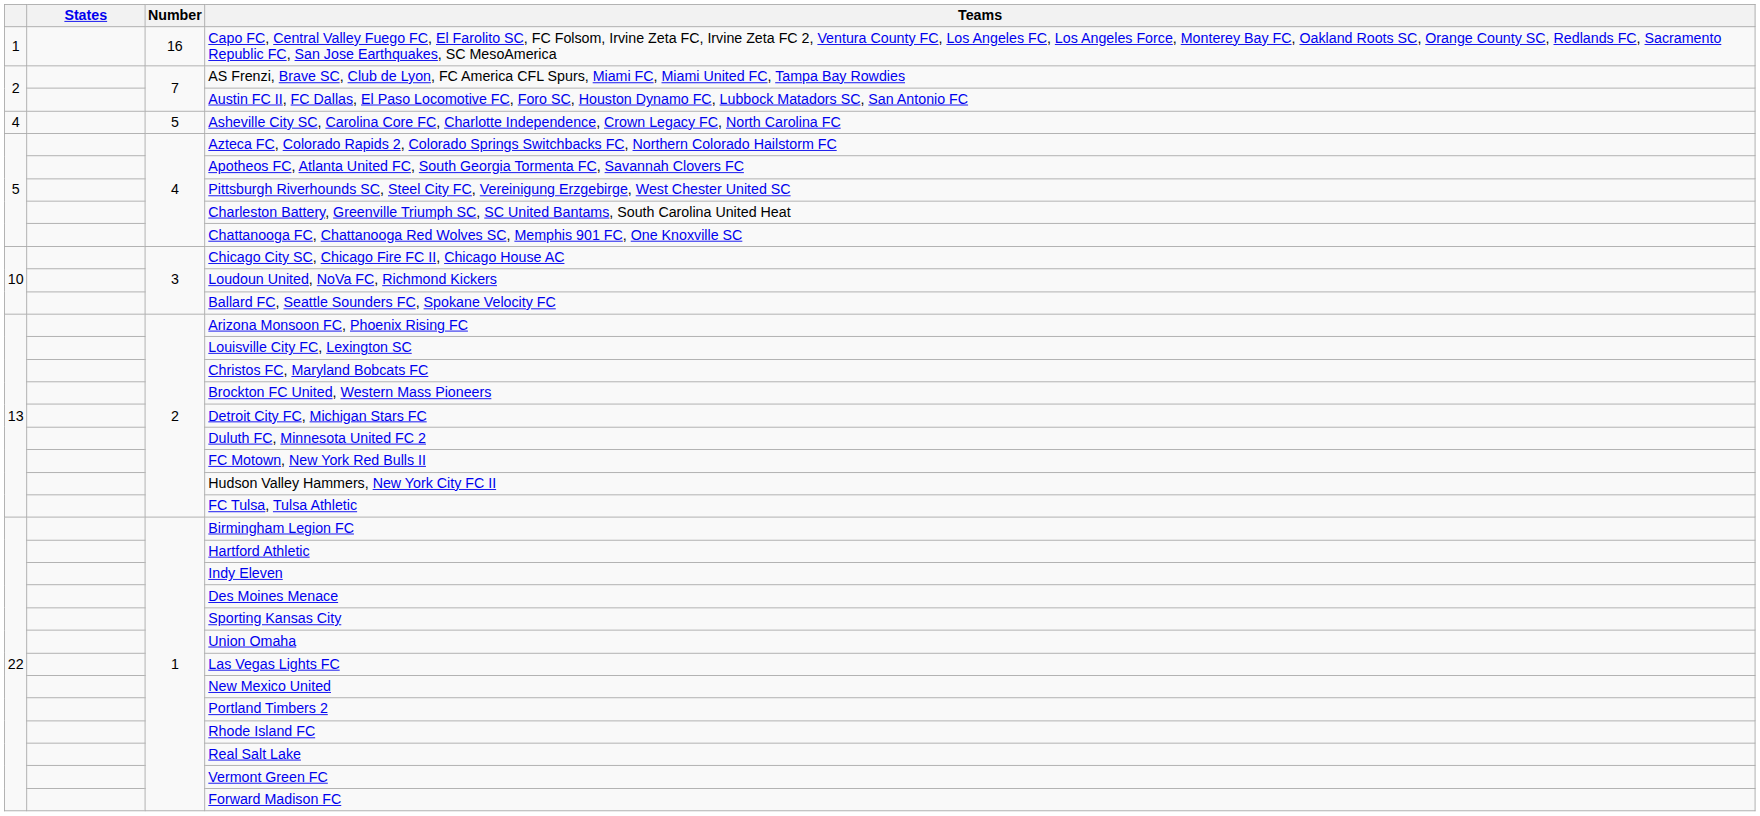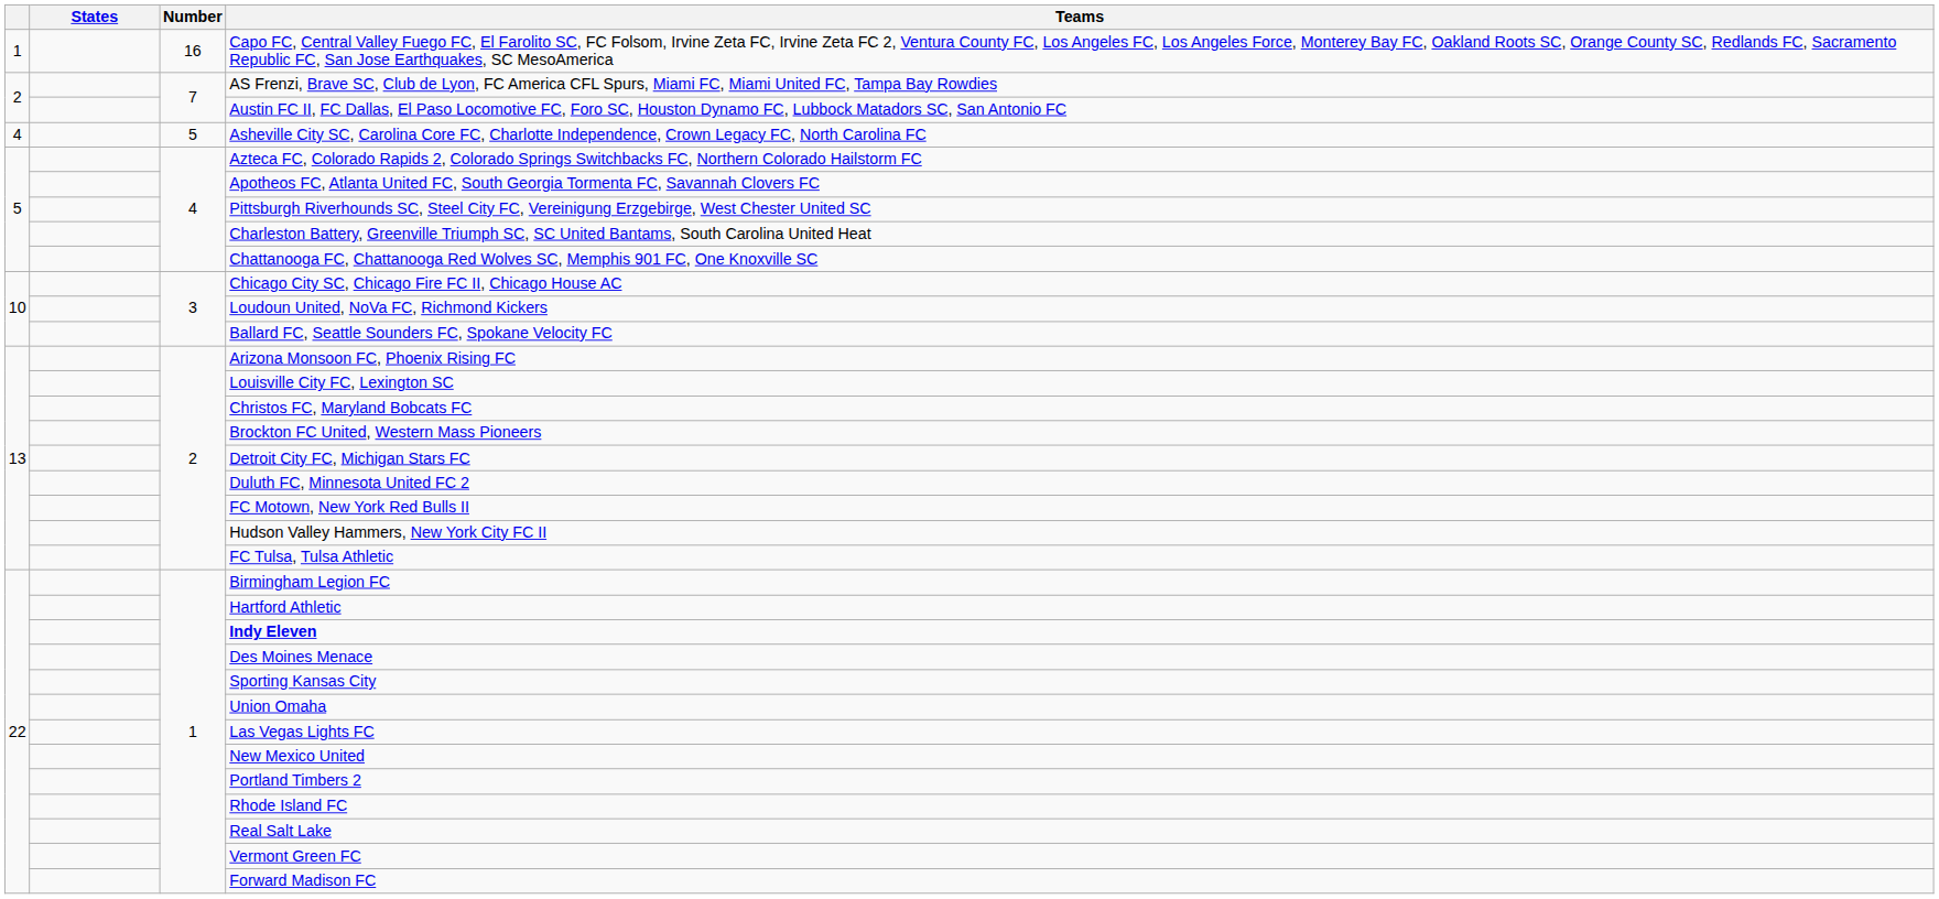 <table class="wikitable mw-collapsible mw-collapsed">
 <tr>
 <th></th>
 <th style=width:125px><a href='#'>States</a></th>
 <th>Number</th>
 <th>Teams</th>
 </tr>
 <tr>
 <td style="text-align:center">1</td>
 <td></td>
 <td style="text-align:center">16</td>
 <td><a href='#'>Capo FC</a>, <a href='#'>Central Valley Fuego FC</a>, <a href='#'>El Farolito SC</a>, FC Folsom, Irvine Zeta FC, Irvine Zeta FC 2, <a href='#'>Ventura County FC</a>, <a href='#'>Los Angeles FC</a>, <a href='#'>Los Angeles Force</a>, <a href='#'>Monterey Bay FC</a>, <a href='#'>Oakland Roots SC</a>, <a href='#'>Orange County SC</a>, <a href='#'>Redlands FC</a>, <a href='#'>Sacramento Republic FC</a>, <a href='#'>San Jose Earthquakes</a>, SC MesoAmerica</td>
 </tr>
 <tr>
 <td rowspan="2" style="text-align:center">2</td>
 <td></td>
 <td rowspan="2" style="text-align:center">7</td>
 <td>AS Frenzi, <a href='#'>Brave SC</a>, <a href='#'>Club de Lyon</a>, FC America CFL Spurs, <a href='#'>Miami FC</a>, <a href='#'>Miami United FC</a>, <a href='#'>Tampa Bay Rowdies</a></td>
 </tr>
 <tr>
 <td></td>
 <td><a href='#'>Austin FC II</a>, <a href='#'>FC Dallas</a>, <a href='#'>El Paso Locomotive FC</a>, <a href='#'>Foro SC</a>, <a href='#'>Houston Dynamo FC</a>, <a href='#'>Lubbock Matadors SC</a>, <a href='#'>San Antonio FC</a></td>
 </tr>
 <tr>
 <td style="text-align:center">4</td>
 <td></td>
 <td style="text-align:center">5</td>
 <td><a href='#'>Asheville City SC</a>, <a href='#'>Carolina Core FC</a>, <a href='#'>Charlotte Independence</a>, <a href='#'>Crown Legacy FC</a>, <a href='#'>North Carolina FC</a></td>
 </tr>
 <tr>
 <td rowspan="5" style="text-align:center">5</td>
 <td></td>
 <td rowspan="5" style="text-align:center">4</td>
 <td><a href='#'>Azteca FC</a>, <a href='#'>Colorado Rapids 2</a>, <a href='#'>Colorado Springs Switchbacks FC</a>, <a href='#'>Northern Colorado Hailstorm FC</a></td>
 </tr>
 <tr>
 <td></td>
 <td><a href='#'>Apotheos FC</a>, <a href='#'>Atlanta United FC</a>, <a href='#'>South Georgia Tormenta FC</a>, <a href='#'>Savannah Clovers FC</a></td>
 </tr>
 <tr>
 <td></td>
 <td><a href='#'>Pittsburgh Riverhounds SC</a>, <a href='#'>Steel City FC</a>, <a href='#'>Vereinigung Erzgebirge</a>, <a href='#'>West Chester United SC</a></td>
 </tr>
 <tr>
 <td></td>
 <td><a href='#'>Charleston Battery</a>, <a href='#'>Greenville Triumph SC</a>, <a href='#'>SC United Bantams</a>, South Carolina United Heat</td>
 </tr>
 <tr>
 <td></td>
 <td><a href='#'>Chattanooga FC</a>, <a href='#'>Chattanooga Red Wolves SC</a>, <a href='#'>Memphis 901 FC</a>, <a href='#'>One Knoxville SC</a></td>
 </tr>
 <tr>
 <td rowspan="3" style="text-align:center">10</td>
 <td></td>
 <td rowspan="3" style="text-align:center">3</td>
 <td><a href='#'>Chicago City SC</a>, <a href='#'>Chicago Fire FC II</a>, <a href='#'>Chicago House AC</a></td>
 </tr>
 <tr>
 <td></td>
 <td><a href='#'>Loudoun United</a>, <a href='#'>NoVa FC</a>, <a href='#'>Richmond Kickers</a></td>
 </tr>
 <tr>
 <td></td>
 <td><a href='#'>Ballard FC</a>, <a href='#'>Seattle Sounders FC</a>, <a href='#'>Spokane Velocity FC</a></td>
 </tr>
 <tr>
 <td rowspan="9" style="text-align:center">13</td>
 <td></td>
 <td rowspan="9" style="text-align:center">2</td>
 <td><a href='#'>Arizona Monsoon FC</a>, <a href='#'>Phoenix Rising FC</a></td>
 </tr>
 <tr>
 <td></td>
 <td><a href='#'>Louisville City FC</a>, <a href='#'>Lexington SC</a></td>
 </tr>
 <tr>
 <td></td>
 <td><a href='#'>Christos FC</a>, <a href='#'>Maryland Bobcats FC</a></td>
 </tr>
 <tr>
 <td></td>
 <td><a href='#'>Brockton FC United</a>, <a href='#'>Western Mass Pioneers</a></td>
 </tr>
 <tr>
 <td></td>
 <td><a href='#'>Detroit City FC</a>, <a href='#'>Michigan Stars FC</a></td>
 </tr>
 <tr>
 <td></td>
 <td><a href='#'>Duluth FC</a>, <a href='#'>Minnesota United FC 2</a></td>
 </tr>
 <tr>
 <td></td>
 <td><a href='#'>FC Motown</a>, <a href='#'>New York Red Bulls II</a></td>
 </tr>
 <tr>
 <td></td>
 <td>Hudson Valley Hammers, <a href='#'>New York City FC II</a></td>
 </tr>
 <tr>
 <td></td>
 <td><a href='#'>FC Tulsa</a>, <a href='#'>Tulsa Athletic</a></td>
 </tr>
 <tr>
 <td rowspan="13" style="text-align:center">22</td>
 <td></td>
 <td rowspan="13" style="text-align:center">1</td>
 <td><a href='#'>Birmingham Legion FC</a></td>
 </tr>
 <tr>
 <td></td>
 <td><a href='#'>Hartford Athletic</a></td>
 </tr>
 <tr>
 <td></td>
-<td><a href='#'>Indy Eleven</a></td>
+<td><strong><a href='#'>Indy Eleven</a></strong></td>
 </tr>
 <tr>
 <td></td>
 <td><a href='#'>Des Moines Menace</a></td>
 </tr>
 <tr>
 <td></td>
 <td><a href='#'>Sporting Kansas City</a></td>
 </tr>
 <tr>
 <td></td>
 <td><a href='#'>Union Omaha</a></td>
 </tr>
 <tr>
 <td></td>
 <td><a href='#'>Las Vegas Lights FC</a></td>
 </tr>
 <tr>
 <td></td>
 <td><a href='#'>New Mexico United</a></td>
 </tr>
 <tr>
 <td></td>
 <td><a href='#'>Portland Timbers 2</a></td>
 </tr>
 <tr>
 <td></td>
 <td><a href='#'>Rhode Island FC</a></td>
 </tr>
 <tr>
 <td></td>
 <td><a href='#'>Real Salt Lake</a></td>
 </tr>
 <tr>
 <td></td>
 <td><a href='#'>Vermont Green FC</a></td>
 </tr>
 <tr>
 <td></td>
 <td><a href='#'>Forward Madison FC</a></td>
 </tr>
 </table>
